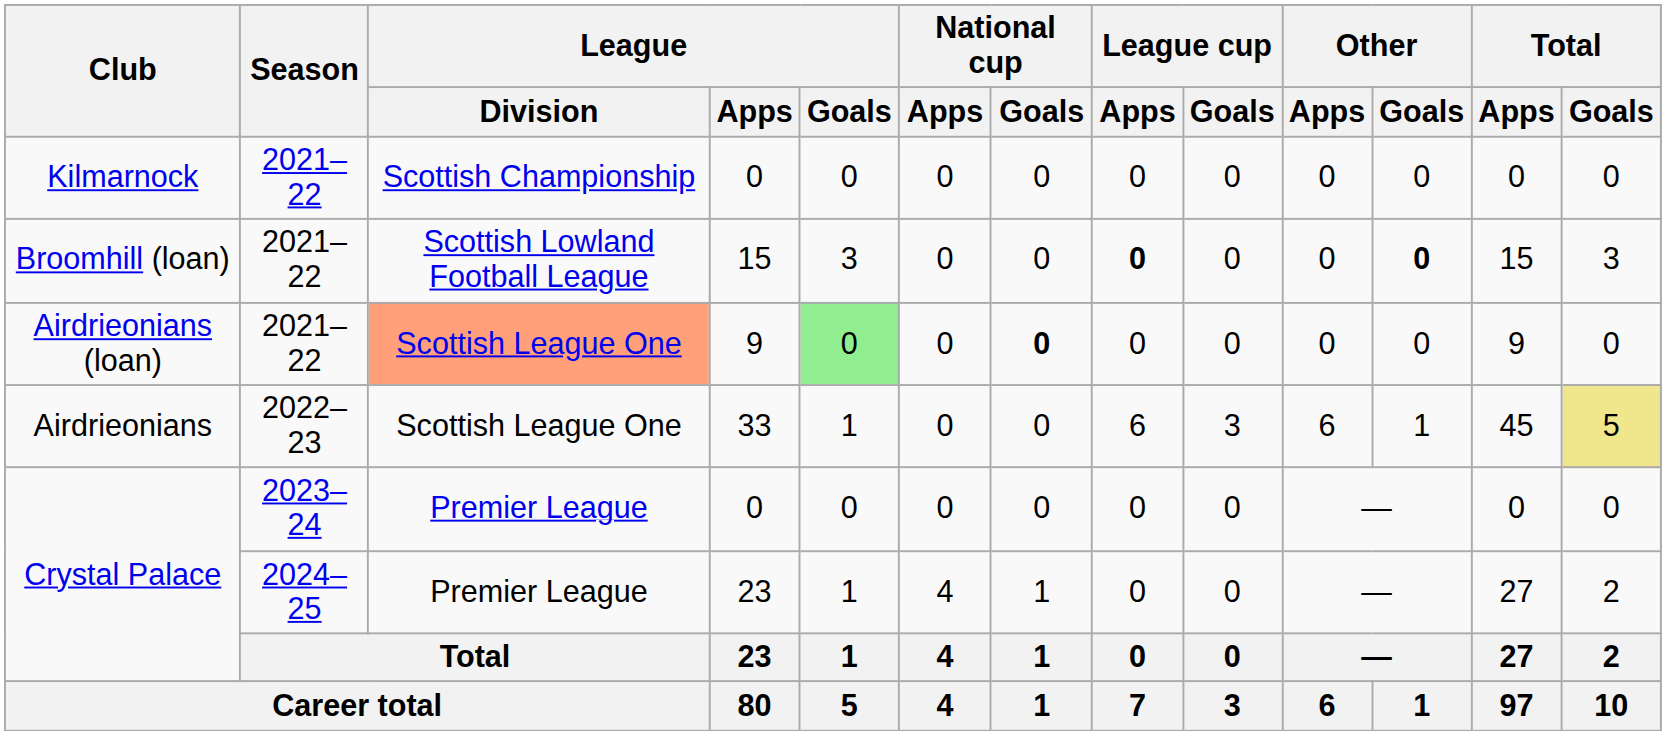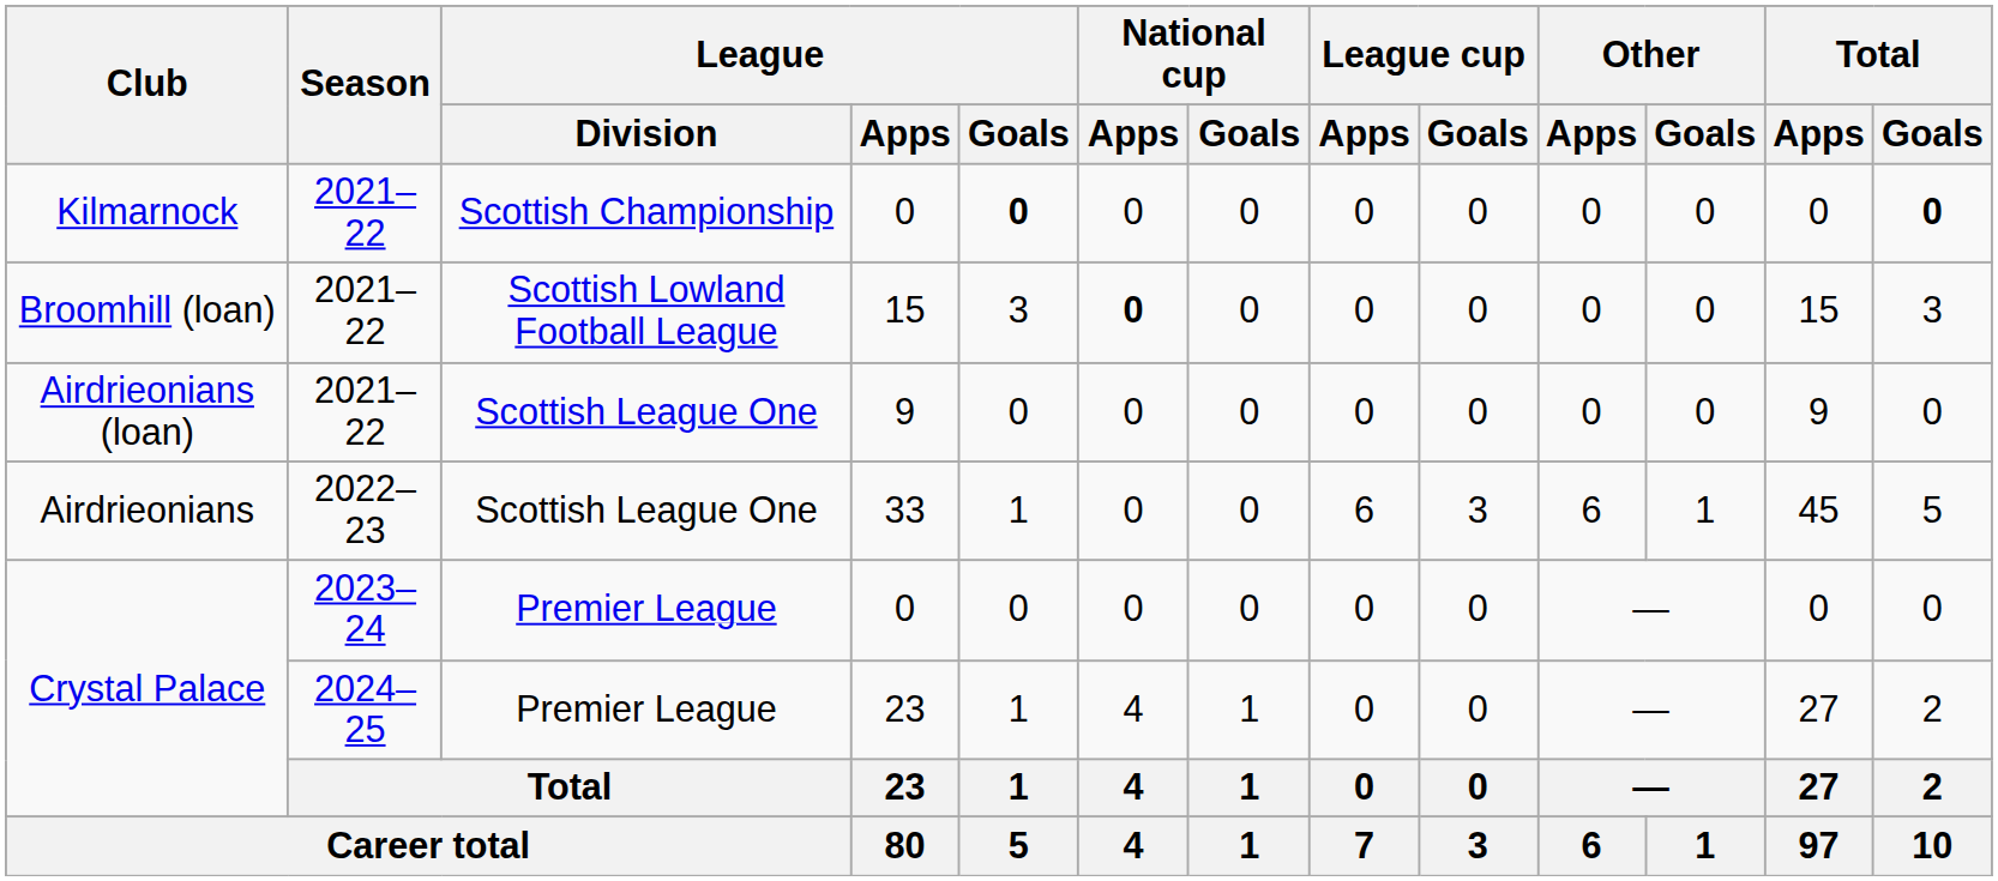 <table class="wikitable" style="text-align: center;">
 <tr>
 <th rowspan="2">Club</th>
 <th rowspan="2">Season</th>
 <th colspan="3">League</th>
 <th colspan="2">National cup</th>
 <th colspan="2">League cup</th>
 <th colspan="2">Other</th>
 <th colspan="2">Total</th>
 </tr>
 <tr>
 <th>Division</th>
 <th>Apps</th>
 <th>Goals</th>
 <th>Apps</th>
 <th>Goals</th>
 <th>Apps</th>
 <th>Goals</th>
 <th>Apps</th>
 <th>Goals</th>
 <th>Apps</th>
 <th>Goals</th>
 </tr>
 <tr>
 <td><a href='#'>Kilmarnock</a></td>
 <td><a href='#'>2021–22</a></td>
 <td><a href='#'>Scottish Championship</a></td>
 <td>0</td>
+<td><strong>0</strong></td>
 <td>0</td>
 <td>0</td>
 <td>0</td>
 <td>0</td>
 <td>0</td>
 <td>0</td>
 <td>0</td>
-<td>0</td>
-<td>0</td>
+<td><strong>0</strong></td>
 </tr>
 <tr>
 <td><a href='#'>Broomhill</a> (loan)</td>
 <td>2021–22</td>
 <td><a href='#'>Scottish Lowland Football League</a></td>
 <td>15</td>
 <td>3</td>
-<td>0</td>
-<td>0</td>
 <td><strong>0</strong></td>
 <td>0</td>
 <td>0</td>
-<td><strong>0</strong></td>
+<td>0</td>
+<td>0</td>
+<td>0</td>
 <td>15</td>
 <td>3</td>
 </tr>
 <tr>
 <td><a href='#'>Airdrieonians</a> (loan)</td>
 <td>2021–22</td>
-<td style="background: lightsalmon;"><a href='#'>Scottish League One</a></td>
+<td><a href='#'>Scottish League One</a></td>
 <td>9</td>
-<td style="background: lightgreen;">0</td>
 <td>0</td>
-<td><strong>0</strong></td>
+<td>0</td>
+<td>0</td>
 <td>0</td>
 <td>0</td>
 <td>0</td>
 <td>0</td>
 <td>9</td>
 <td>0</td>
 </tr>
 <tr>
 <td Airdrieonians F.C.>Airdrieonians</td>
 <td>2022–23</td>
 <td>Scottish League One</td>
 <td>33</td>
 <td>1</td>
 <td>0</td>
 <td>0</td>
 <td>6</td>
 <td>3</td>
 <td>6</td>
 <td>1</td>
 <td>45</td>
-<td style="background: khaki;">5</td>
+<td>5</td>
 </tr>
 <tr>
 <td rowspan="3"><a href='#'>Crystal Palace</a></td>
 <td><a href='#'>2023–24</a></td>
 <td><a href='#'>Premier League</a></td>
 <td>0</td>
 <td>0</td>
 <td>0</td>
 <td>0</td>
 <td>0</td>
 <td>0</td>
 <td colspan="2">—</td>
 <td>0</td>
 <td>0</td>
 </tr>
 <tr>
 <td><a href='#'>2024–25</a></td>
 <td>Premier League</td>
 <td>23</td>
 <td>1</td>
 <td>4</td>
 <td>1</td>
 <td>0</td>
 <td>0</td>
 <td colspan="2">—</td>
 <td>27</td>
 <td>2</td>
 </tr>
 <tr>
 <th colspan=2>Total</th>
 <th>23</th>
 <th>1</th>
 <th>4</th>
 <th>1</th>
 <th>0</th>
 <th>0</th>
 <th colspan="2">—</th>
 <th>27</th>
 <th>2</th>
 </tr>
 <tr>
 <th colspan=3>Career total</th>
 <th>80</th>
 <th>5</th>
 <th>4</th>
 <th>1</th>
 <th>7</th>
 <th>3</th>
 <th>6</th>
 <th>1</th>
 <th>97</th>
 <th>10</th>
 </tr>
 </table>
